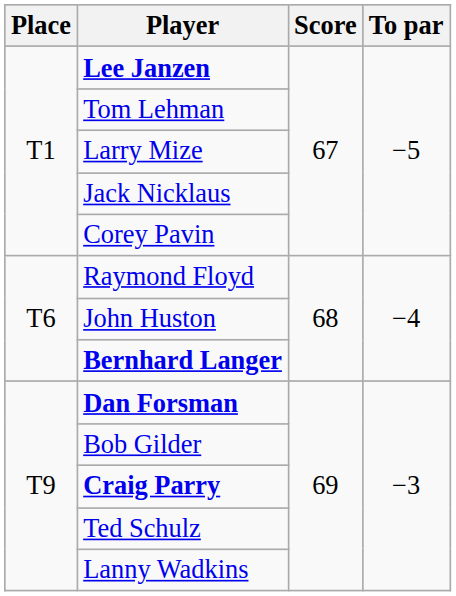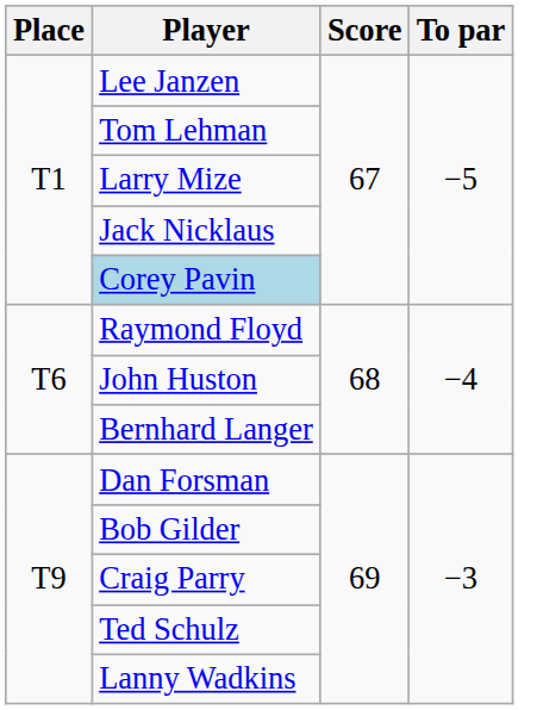 <table class="wikitable">
 <tr>
 <th>Place</th>
 <th>Player</th>
 <th>Score</th>
 <th>To par</th>
 </tr>
 <tr>
 <td rowspan="5" align=center>T1</td>
-<td><strong> <a href='#'>Lee Janzen</a></strong></td>
+<td> <a href='#'>Lee Janzen</a></td>
 <td rowspan="5" align=center>67</td>
 <td rowspan="5" align=center>−5</td>
 </tr>
 <tr>
 <td> <a href='#'>Tom Lehman</a></td>
 </tr>
 <tr>
 <td> <a href='#'>Larry Mize</a></td>
 </tr>
 <tr>
 <td> <a href='#'>Jack Nicklaus</a></td>
 </tr>
 <tr>
-<td> <a href='#'>Corey Pavin</a></td>
+<td style="background: lightblue;"> <a href='#'>Corey Pavin</a></td>
 </tr>
 <tr>
 <td rowspan="3" align=center>T6</td>
 <td> <a href='#'>Raymond Floyd</a></td>
 <td rowspan="3" align=center>68</td>
 <td rowspan="3" align=center>−4</td>
 </tr>
 <tr>
 <td> <a href='#'>John Huston</a></td>
 </tr>
 <tr>
-<td><strong> <a href='#'>Bernhard Langer</a></strong></td>
+<td> <a href='#'>Bernhard Langer</a></td>
 </tr>
 <tr>
 <td rowspan="5" align=center>T9</td>
-<td><strong> <a href='#'>Dan Forsman</a></strong></td>
+<td> <a href='#'>Dan Forsman</a></td>
 <td rowspan="5" align=center>69</td>
 <td rowspan="5" align=center>−3</td>
 </tr>
 <tr>
 <td> <a href='#'>Bob Gilder</a></td>
 </tr>
 <tr>
-<td><strong> <a href='#'>Craig Parry</a></strong></td>
+<td> <a href='#'>Craig Parry</a></td>
 </tr>
 <tr>
 <td> <a href='#'>Ted Schulz</a></td>
 </tr>
 <tr>
 <td> <a href='#'>Lanny Wadkins</a></td>
 </tr>
 </table>
